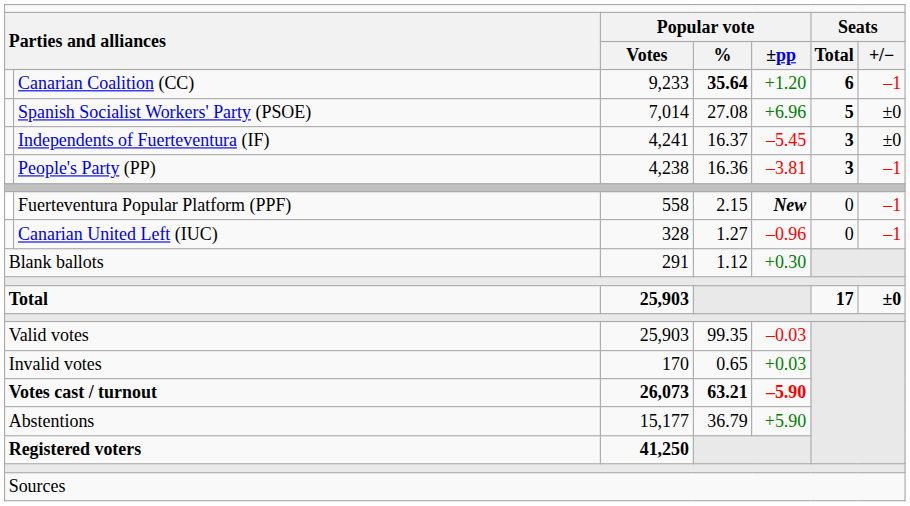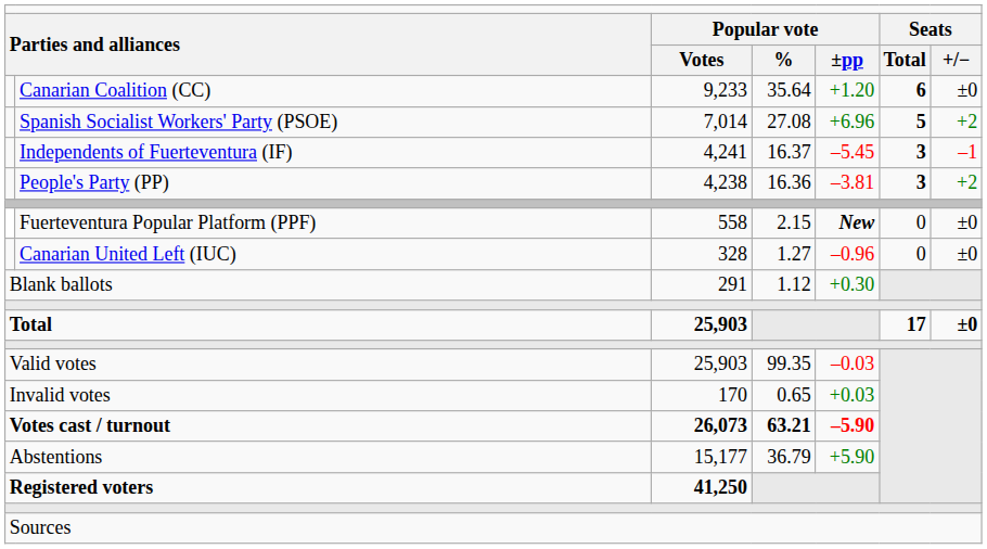 <table class="wikitable" style="text-align:right;">
 <tr>
 <td colspan="7"></td>
 </tr>
 <tr>
 <th style="text-align:left;" rowspan="2" colspan="2" width="525">Parties and alliances</th>
 <th colspan="3">Popular vote</th>
 <th colspan="2">Seats</th>
 </tr>
 <tr>
 <th width="75">Votes</th>
 <th width="45">%</th>
 <th width="45">±<a href='#'>pp</a></th>
 <th width="35">Total</th>
 <th width="35">+/−</th>
 </tr>
 <tr>
 <td width="1" style="color:inherit;background:"></td>
 <td align="left"><a href='#'>Canarian Coalition</a> (CC)</td>
 <td>9,233</td>
-<td><strong>35.64</strong></td>
+<td>35.64</td>
 <td style="color:green;">+1.20</td>
 <td><strong>6</strong></td>
-<td style="color:red;">–1</td>
+<td>±0</td>
 </tr>
 <tr>
 <td style="color:inherit;background:"></td>
 <td align="left"><a href='#'>Spanish Socialist Workers' Party</a> (PSOE)</td>
 <td>7,014</td>
 <td>27.08</td>
 <td style="color:green;">+6.96</td>
 <td><strong>5</strong></td>
-<td>±0</td>
+<td style="color:green;">+2</td>
 </tr>
 <tr>
 <td style="color:inherit;background:"></td>
 <td align="left"><a href='#'>Independents of Fuerteventura</a> (IF)</td>
 <td>4,241</td>
 <td>16.37</td>
 <td style="color:red;">–5.45</td>
 <td><strong>3</strong></td>
-<td>±0</td>
+<td style="color:red;">–1</td>
 </tr>
 <tr>
 <td style="color:inherit;background:"></td>
 <td align="left"><a href='#'>People's Party</a> (PP)</td>
 <td>4,238</td>
 <td>16.36</td>
 <td style="color:red;">–3.81</td>
 <td><strong>3</strong></td>
-<td style="color:red;">–1</td>
+<td style="color:green;">+2</td>
 </tr>
 <tr>
 <td colspan="7" bgcolor="#C0C0C0"></td>
 </tr>
 <tr>
 <td bgcolor="white"></td>
 <td align="left">Fuerteventura Popular Platform (PPF)</td>
 <td>558</td>
 <td>2.15</td>
 <td><strong><em>New</em></strong></td>
 <td>0</td>
-<td style="color:red;">–1</td>
+<td>±0</td>
 </tr>
 <tr>
 <td style="color:inherit;background:"></td>
 <td align="left"><a href='#'>Canarian United Left</a> (IUC)</td>
 <td>328</td>
 <td>1.27</td>
 <td style="color:red;">–0.96</td>
 <td>0</td>
-<td style="color:red;">–1</td>
+<td>±0</td>
 </tr>
 <tr>
 <td align="left" colspan="2">Blank ballots</td>
 <td>291</td>
 <td>1.12</td>
 <td style="color:green;">+0.30</td>
 <td bgcolor="#E9E9E9" colspan="2"></td>
 </tr>
 <tr>
 <td colspan="7" bgcolor="#E9E9E9"></td>
 </tr>
 <tr style="font-weight:bold;">
 <td align="left" colspan="2">Total</td>
 <td>25,903</td>
 <td bgcolor="#E9E9E9" colspan="2"></td>
 <td>17</td>
 <td>±0</td>
 </tr>
 <tr>
 <td colspan="7" bgcolor="#E9E9E9"></td>
 </tr>
 <tr>
 <td align="left" colspan="2">Valid votes</td>
 <td>25,903</td>
 <td>99.35</td>
 <td style="color:red;">–0.03</td>
 <td bgcolor="#E9E9E9" colspan="2" rowspan="5"></td>
 </tr>
 <tr>
 <td align="left" colspan="2">Invalid votes</td>
 <td>170</td>
 <td>0.65</td>
 <td style="color:green;">+0.03</td>
 </tr>
 <tr style="font-weight:bold;">
 <td align="left" colspan="2">Votes cast / turnout</td>
 <td>26,073</td>
 <td>63.21</td>
 <td style="color:red;">–5.90</td>
 </tr>
 <tr>
 <td align="left" colspan="2">Abstentions</td>
 <td>15,177</td>
 <td>36.79</td>
 <td style="color:green;">+5.90</td>
 </tr>
 <tr style="font-weight:bold;">
 <td align="left" colspan="2">Registered voters</td>
 <td>41,250</td>
 <td bgcolor="#E9E9E9" colspan="2"></td>
 </tr>
 <tr>
 <td colspan="7" bgcolor="#E9E9E9"></td>
 </tr>
 <tr>
 <td align="left" colspan="7">Sources</td>
 </tr>
 </table>
